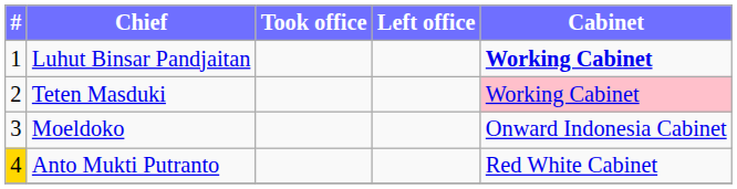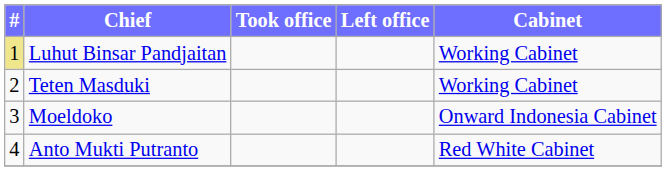 <table class="wikitable">
 <tr>
 <th style="background-color:#6f6fff; color:white;">#</th>
 <th style="background-color:#6f6fff; color:white;">Chief</th>
 <th style="background-color:#6f6fff; color:white;">Took office</th>
 <th style="background-color:#6f6fff; color:white;">Left office</th>
 <th style="background-color:#6f6fff; color:white;">Cabinet</th>
 </tr>
 <tr>
-<td>1</td>
+<td style="background: khaki;">1</td>
 <td><a href='#'>Luhut Binsar Pandjaitan</a></td>
 <td></td>
 <td></td>
-<td><strong><a href='#'>Working Cabinet</a></strong></td>
+<td><a href='#'>Working Cabinet</a></td>
 </tr>
 <tr>
 <td>2</td>
 <td><a href='#'>Teten Masduki</a></td>
 <td></td>
 <td></td>
-<td style="background: pink;"><a href='#'>Working Cabinet</a></td>
+<td><a href='#'>Working Cabinet</a></td>
 </tr>
 <tr>
 <td>3</td>
 <td><a href='#'>Moeldoko</a></td>
 <td></td>
 <td></td>
 <td><a href='#'>Onward Indonesia Cabinet</a></td>
 </tr>
 <tr>
-<td style="background: gold;">4</td>
+<td>4</td>
 <td><a href='#'>Anto Mukti Putranto</a></td>
 <td></td>
 <td></td>
 <td><a href='#'>Red White Cabinet</a></td>
 </tr>
 <tr>
 </tr>
 </table>
